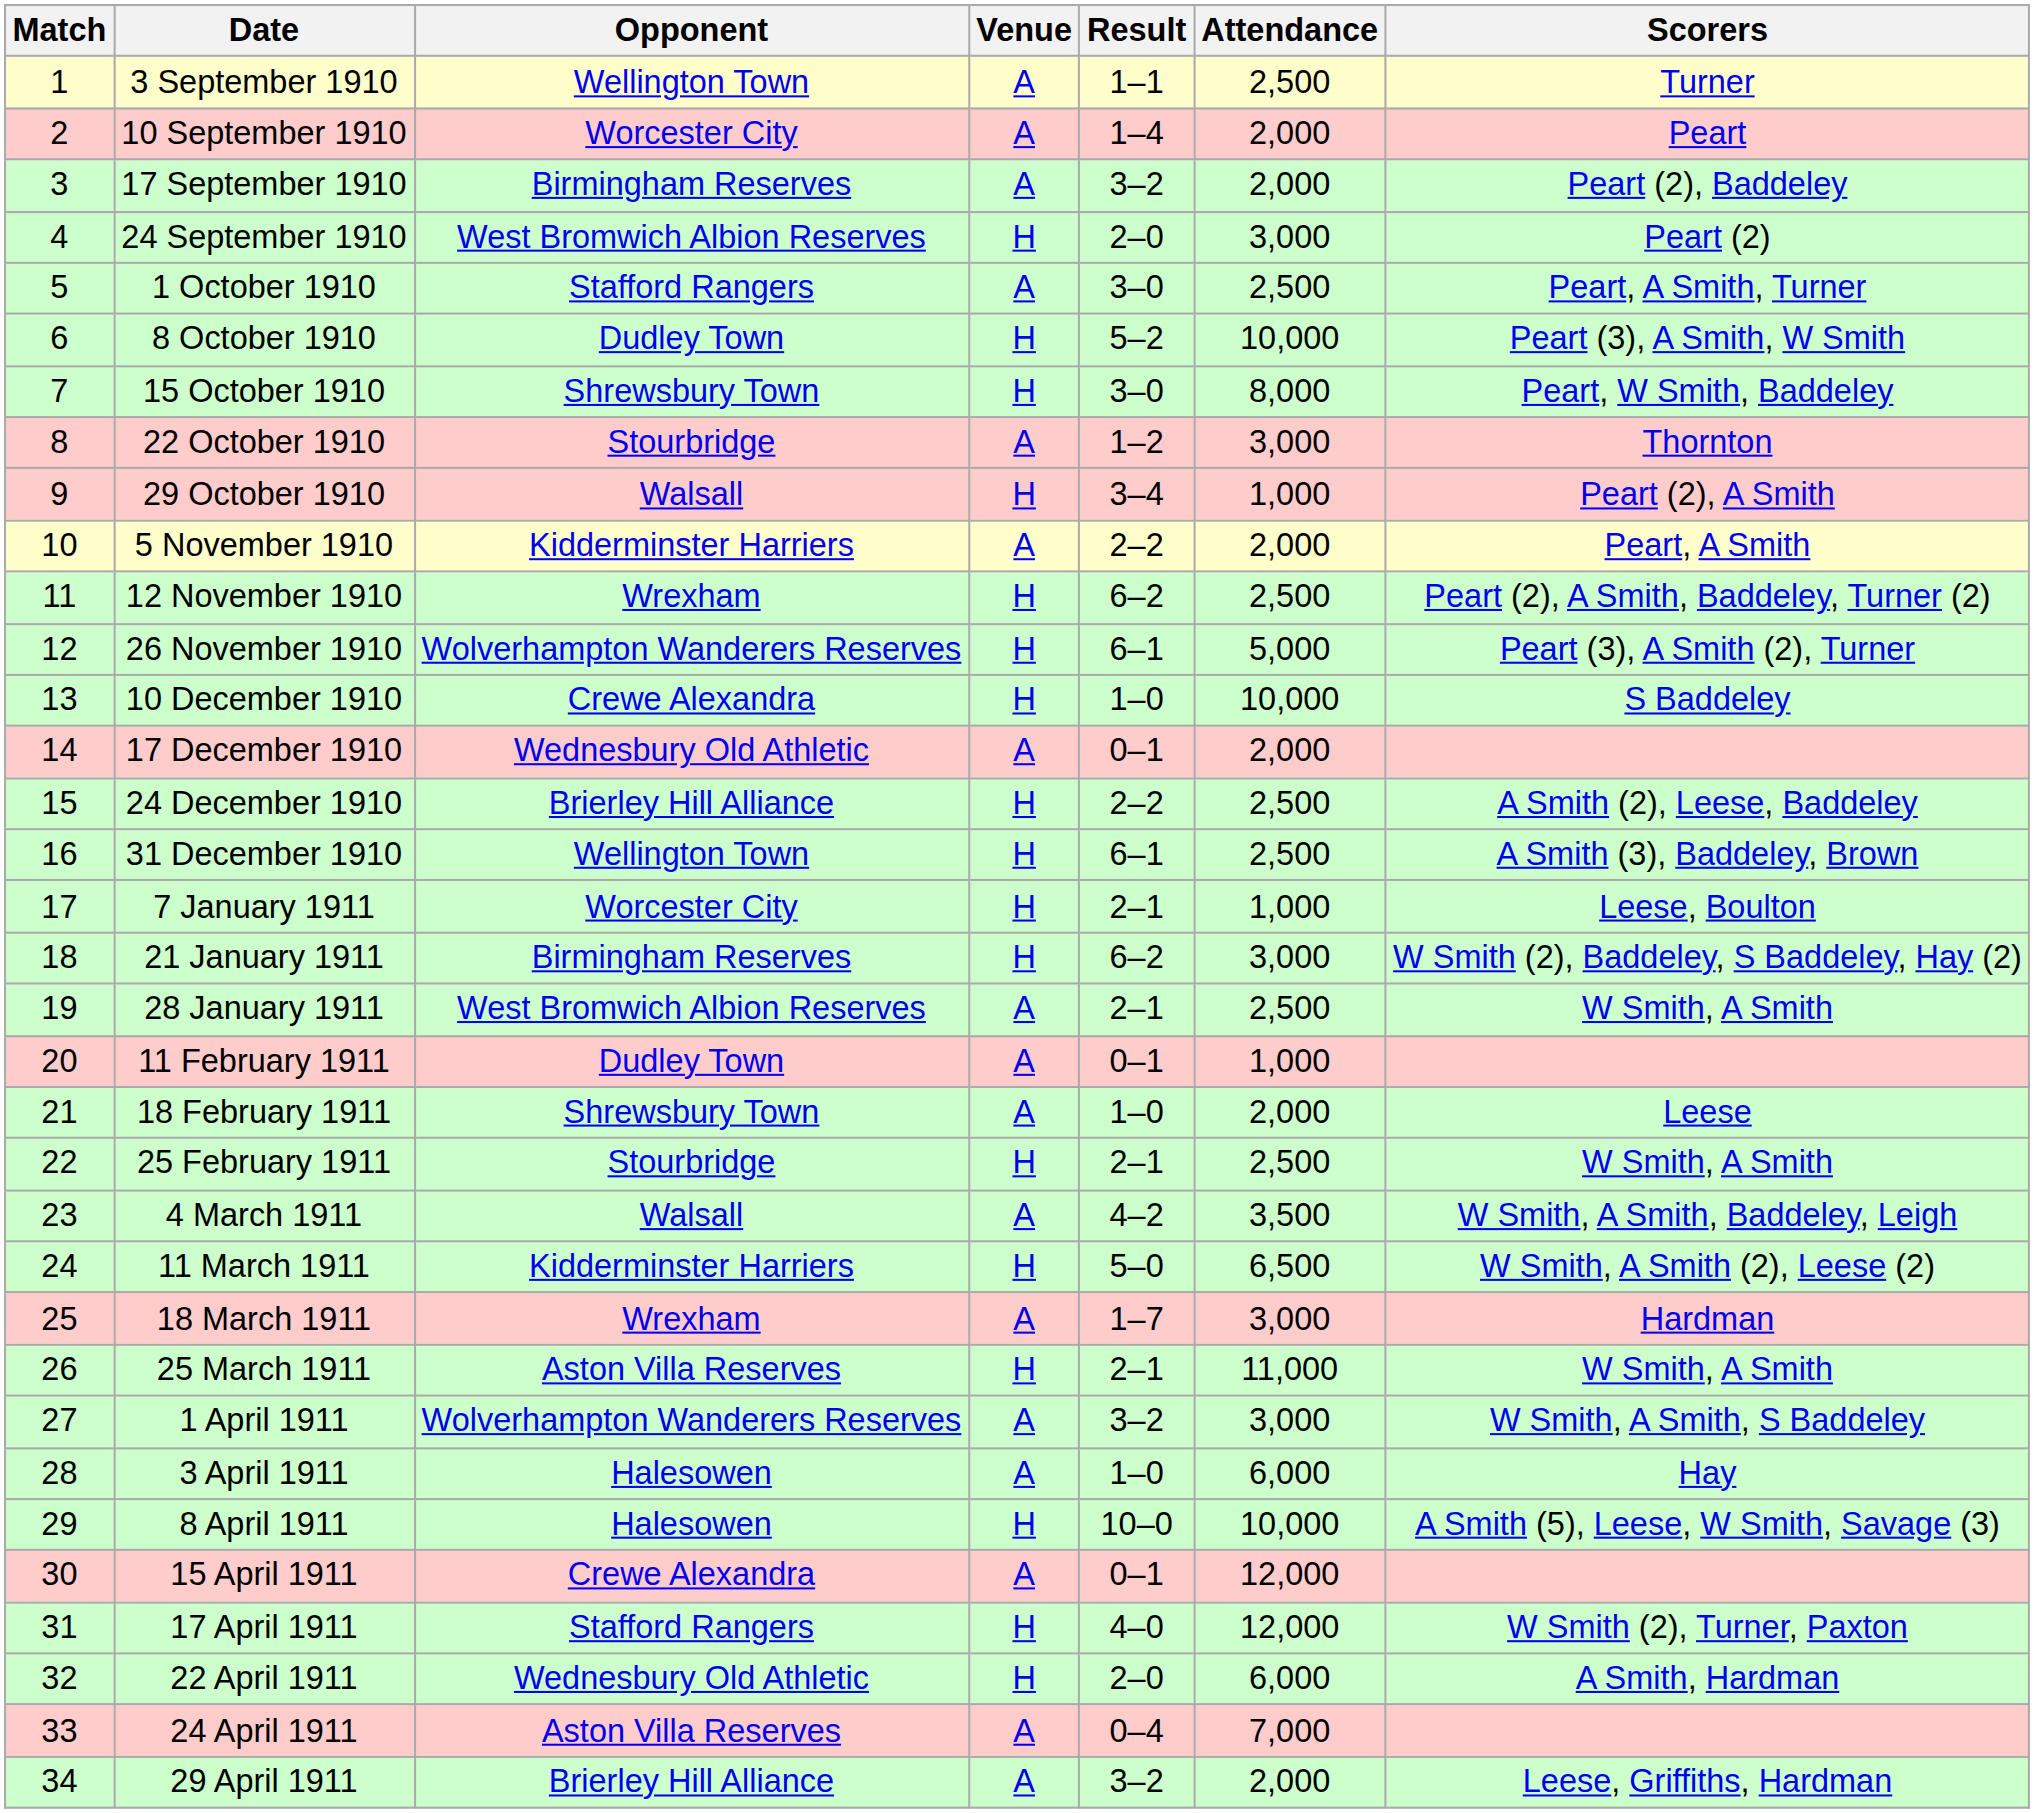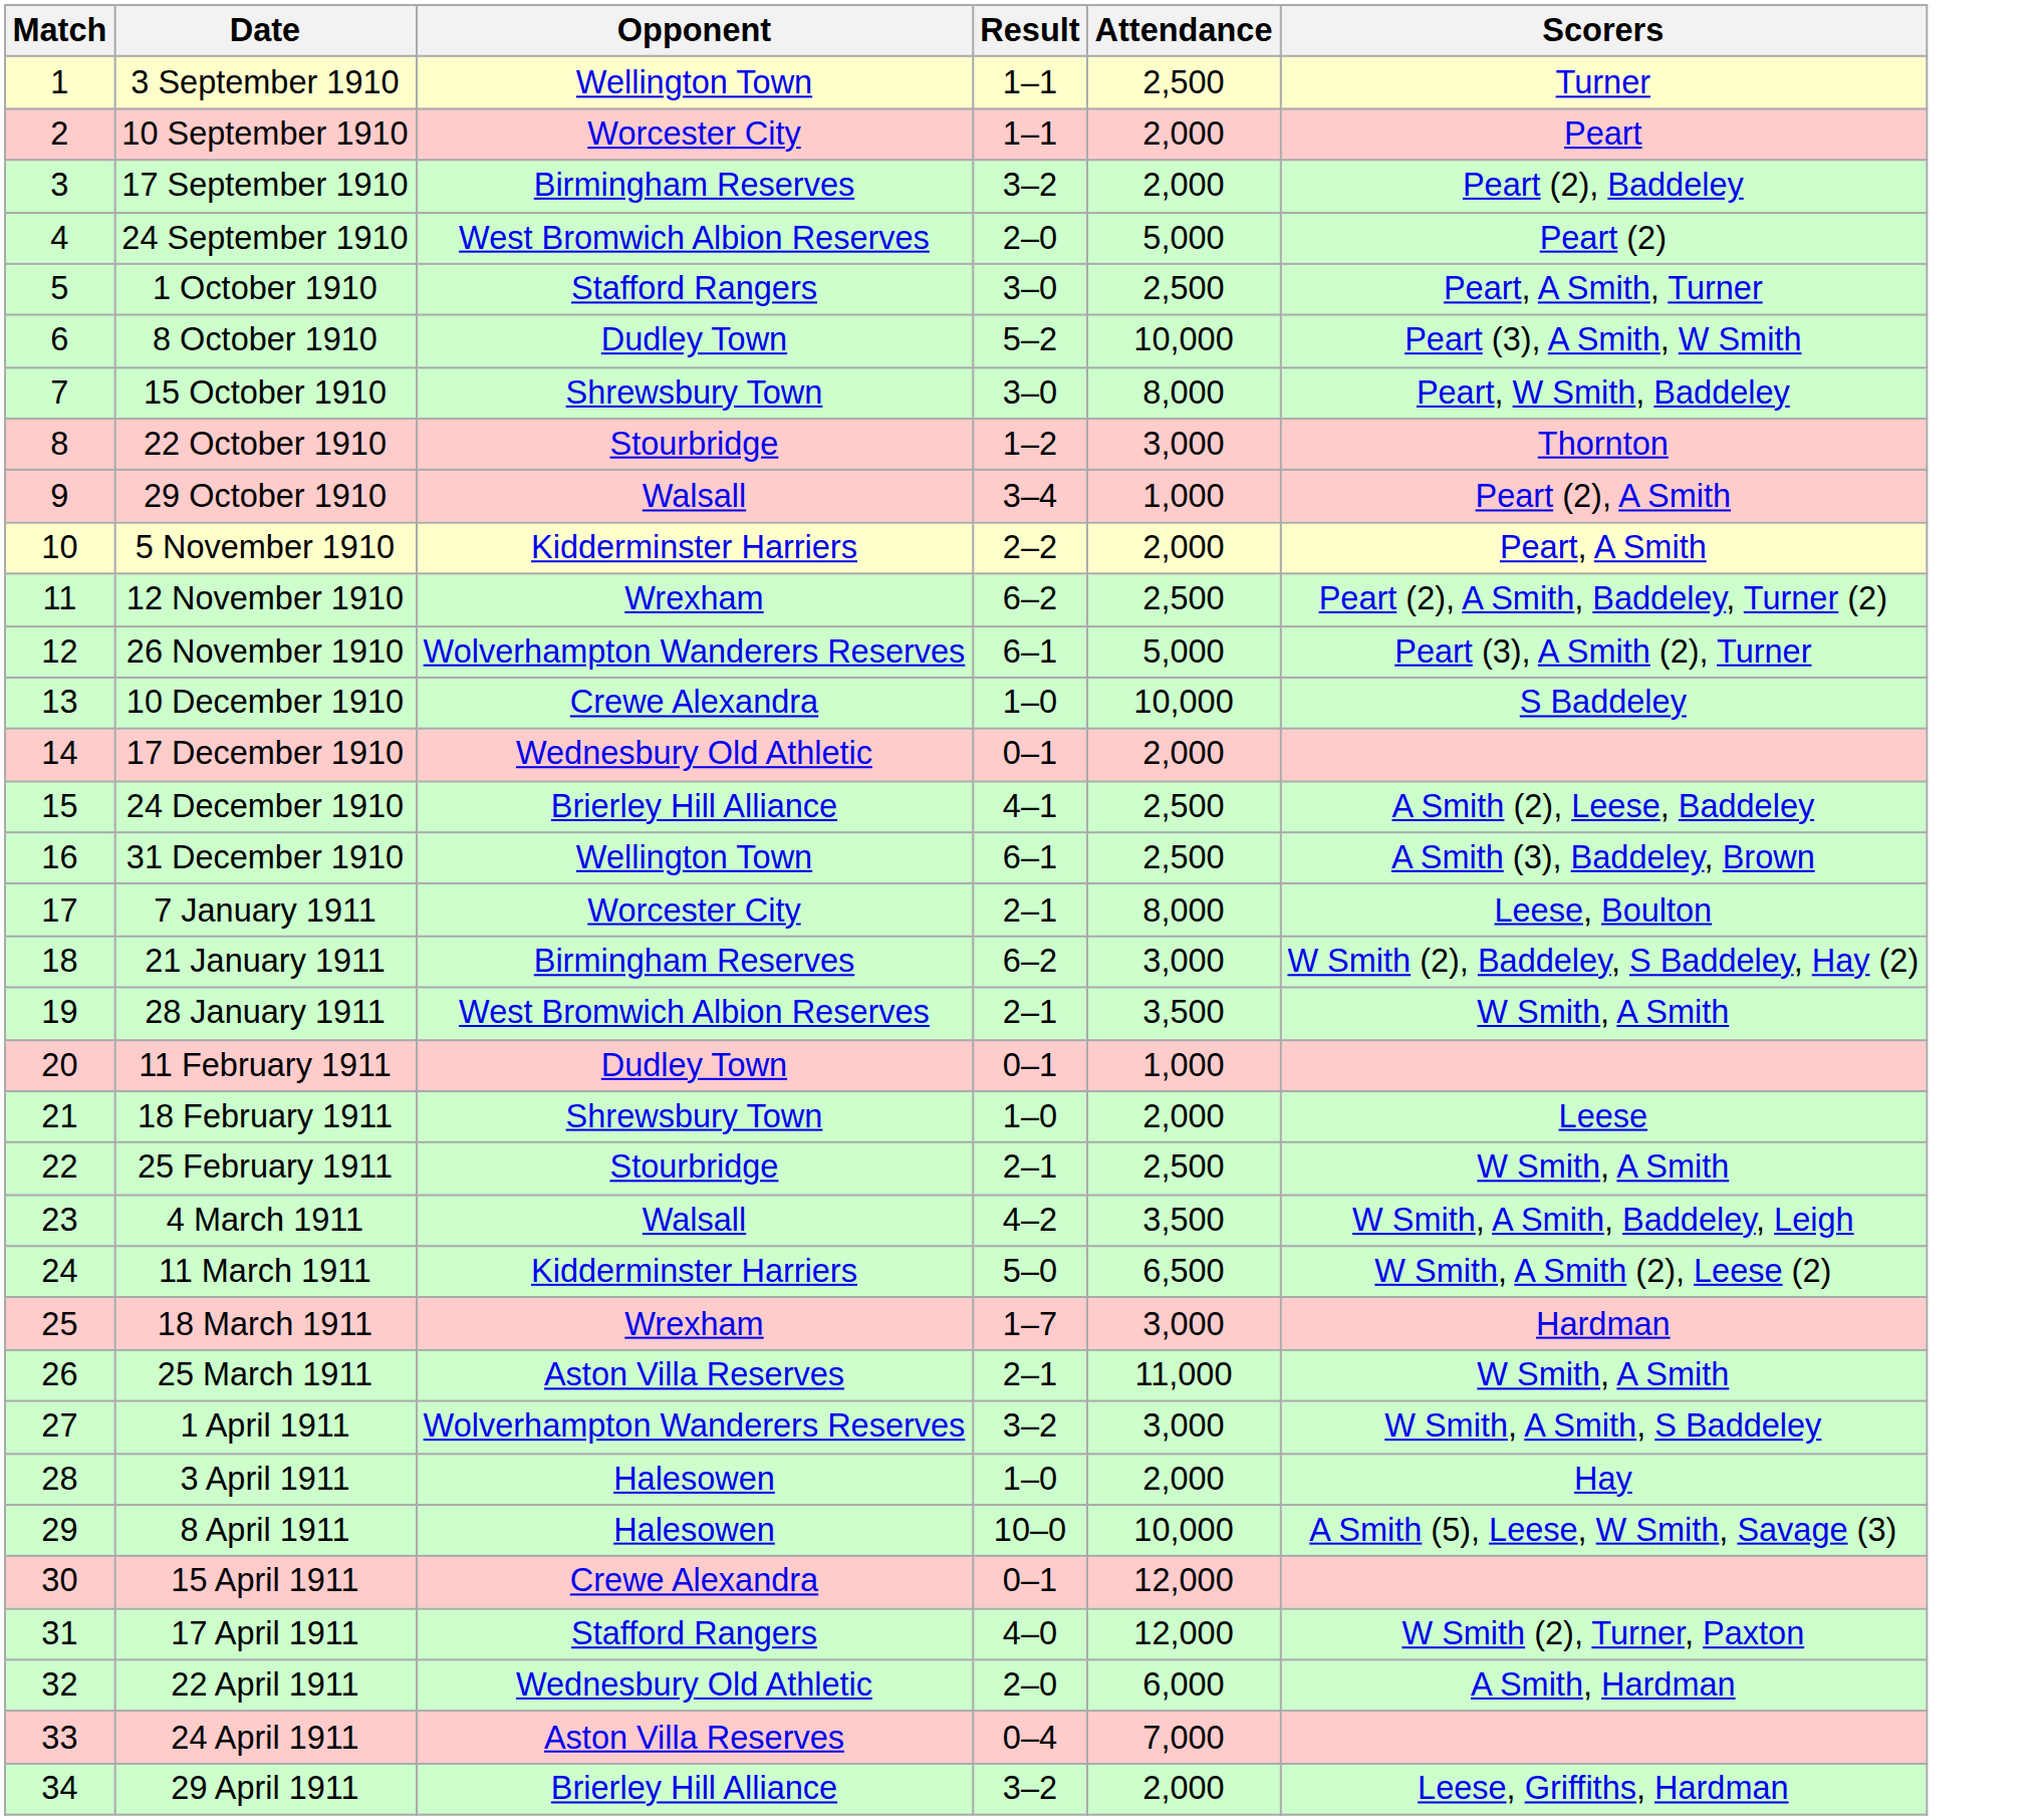 <table class="wikitable" style="font-size:100%; text-align:center">
 <tr>
 <th>Match</th>
 <th>Date</th>
 <th>Opponent</th>
-<th>Venue</th>
 <th>Result</th>
 <th>Attendance</th>
 <th>Scorers</th>
 </tr>
 <tr style="background-color: #FFFFCC;">
 <td>1</td>
 <td>3 September 1910</td>
 <td><a href='#'>Wellington Town</a></td>
-<td><a href='#'>A</a></td>
 <td>1–1</td>
 <td>2,500</td>
 <td><a href='#'>Turner</a></td>
 </tr>
 <tr style="background-color: #FFCCCC;">
 <td>2</td>
 <td>10 September 1910</td>
 <td><a href='#'>Worcester City</a></td>
-<td><a href='#'>A</a></td>
-<td>1–4</td>
+<td>1–1</td>
 <td>2,000</td>
 <td><a href='#'>Peart</a></td>
 </tr>
 <tr style="background-color: #CCFFCC;">
 <td>3</td>
 <td>17 September 1910</td>
 <td><a href='#'>Birmingham Reserves</a></td>
-<td><a href='#'>A</a></td>
 <td>3–2</td>
 <td>2,000</td>
 <td><a href='#'>Peart</a> (2), <a href='#'>Baddeley</a></td>
 </tr>
 <tr style="background-color: #CCFFCC;">
 <td>4</td>
 <td>24 September 1910</td>
 <td><a href='#'>West Bromwich Albion Reserves</a></td>
-<td><a href='#'>H</a></td>
 <td>2–0</td>
-<td>3,000</td>
+<td>5,000</td>
 <td><a href='#'>Peart</a> (2)</td>
 </tr>
 <tr style="background-color: #CCFFCC;">
 <td>5</td>
 <td>1 October 1910</td>
 <td><a href='#'>Stafford Rangers</a></td>
-<td><a href='#'>A</a></td>
 <td>3–0</td>
 <td>2,500</td>
 <td><a href='#'>Peart</a>, <a href='#'>A Smith</a>, <a href='#'>Turner</a></td>
 </tr>
 <tr style="background-color: #CCFFCC;">
 <td>6</td>
 <td>8 October 1910</td>
 <td><a href='#'>Dudley Town</a></td>
-<td><a href='#'>H</a></td>
 <td>5–2</td>
 <td>10,000</td>
 <td><a href='#'>Peart</a> (3), <a href='#'>A Smith</a>, <a href='#'>W Smith</a></td>
 </tr>
 <tr style="background-color: #CCFFCC;">
 <td>7</td>
 <td>15 October 1910</td>
 <td><a href='#'>Shrewsbury Town</a></td>
-<td><a href='#'>H</a></td>
 <td>3–0</td>
 <td>8,000</td>
 <td><a href='#'>Peart</a>, <a href='#'>W Smith</a>, <a href='#'>Baddeley</a></td>
 </tr>
 <tr style="background-color: #FFCCCC;">
 <td>8</td>
 <td>22 October 1910</td>
 <td><a href='#'>Stourbridge</a></td>
-<td><a href='#'>A</a></td>
 <td>1–2</td>
 <td>3,000</td>
 <td><a href='#'>Thornton</a></td>
 </tr>
 <tr style="background-color: #FFCCCC;">
 <td>9</td>
 <td>29 October 1910</td>
 <td><a href='#'>Walsall</a></td>
-<td><a href='#'>H</a></td>
 <td>3–4</td>
 <td>1,000</td>
 <td><a href='#'>Peart</a> (2), <a href='#'>A  Smith</a></td>
 </tr>
 <tr style="background-color: #FFFFCC;">
 <td>10</td>
 <td>5 November 1910</td>
 <td><a href='#'>Kidderminster Harriers</a></td>
-<td><a href='#'>A</a></td>
 <td>2–2</td>
 <td>2,000</td>
 <td><a href='#'>Peart</a>, <a href='#'>A Smith</a></td>
 </tr>
 <tr style="background-color: #CCFFCC;">
 <td>11</td>
 <td>12 November 1910</td>
 <td><a href='#'>Wrexham</a></td>
-<td><a href='#'>H</a></td>
 <td>6–2</td>
 <td>2,500</td>
 <td><a href='#'>Peart</a> (2), <a href='#'>A Smith</a>, <a href='#'>Baddeley</a>, <a href='#'>Turner</a> (2)</td>
 </tr>
 <tr style="background-color: #CCFFCC;">
 <td>12</td>
 <td>26 November 1910</td>
 <td><a href='#'>Wolverhampton Wanderers Reserves</a></td>
-<td><a href='#'>H</a></td>
 <td>6–1</td>
 <td>5,000</td>
 <td><a href='#'>Peart</a> (3), <a href='#'>A Smith</a> (2), <a href='#'>Turner</a></td>
 </tr>
 <tr style="background-color: #CCFFCC;">
 <td>13</td>
 <td>10 December 1910</td>
 <td><a href='#'>Crewe Alexandra</a></td>
-<td><a href='#'>H</a></td>
 <td>1–0</td>
 <td>10,000</td>
 <td><a href='#'>S Baddeley</a></td>
 </tr>
 <tr style="background-color: #FFCCCC;">
 <td>14</td>
 <td>17 December 1910</td>
 <td><a href='#'>Wednesbury Old Athletic</a></td>
-<td><a href='#'>A</a></td>
 <td>0–1</td>
 <td>2,000</td>
 <td></td>
 </tr>
 <tr style="background-color: #CCFFCC;">
 <td>15</td>
 <td>24 December 1910</td>
 <td><a href='#'>Brierley Hill Alliance</a></td>
-<td><a href='#'>H</a></td>
-<td>2–2</td>
+<td>4–1</td>
 <td>2,500</td>
 <td><a href='#'>A Smith</a> (2), <a href='#'>Leese</a>, <a href='#'>Baddeley</a></td>
 </tr>
 <tr style="background-color: #CCFFCC;">
 <td>16</td>
 <td>31 December 1910</td>
 <td><a href='#'>Wellington Town</a></td>
-<td><a href='#'>H</a></td>
 <td>6–1</td>
 <td>2,500</td>
 <td><a href='#'>A Smith</a> (3), <a href='#'>Baddeley</a>, <a href='#'>Brown</a></td>
 </tr>
 <tr style="background-color: #CCFFCC;">
 <td>17</td>
 <td>7 January 1911</td>
 <td><a href='#'>Worcester City</a></td>
-<td><a href='#'>H</a></td>
 <td>2–1</td>
-<td>1,000</td>
+<td>8,000</td>
 <td><a href='#'>Leese</a>, <a href='#'>Boulton</a></td>
 </tr>
 <tr style="background-color: #CCFFCC;">
 <td>18</td>
 <td>21 January 1911</td>
 <td><a href='#'>Birmingham Reserves</a></td>
-<td><a href='#'>H</a></td>
 <td>6–2</td>
 <td>3,000</td>
 <td><a href='#'>W Smith</a> (2), <a href='#'>Baddeley</a>, <a href='#'>S Baddeley</a>, <a href='#'>Hay</a> (2)</td>
 </tr>
 <tr style="background-color: #CCFFCC;">
 <td>19</td>
 <td>28 January 1911</td>
 <td><a href='#'>West Bromwich Albion Reserves</a></td>
-<td><a href='#'>A</a></td>
 <td>2–1</td>
-<td>2,500</td>
+<td>3,500</td>
 <td><a href='#'>W Smith</a>, <a href='#'>A Smith</a></td>
 </tr>
 <tr style="background-color: #FFCCCC;">
 <td>20</td>
 <td>11 February 1911</td>
 <td><a href='#'>Dudley Town</a></td>
-<td><a href='#'>A</a></td>
 <td>0–1</td>
 <td>1,000</td>
 <td></td>
 </tr>
 <tr style="background-color: #CCFFCC;">
 <td>21</td>
 <td>18 February 1911</td>
 <td><a href='#'>Shrewsbury Town</a></td>
-<td><a href='#'>A</a></td>
 <td>1–0</td>
 <td>2,000</td>
 <td><a href='#'>Leese</a></td>
 </tr>
 <tr style="background-color: #CCFFCC;">
 <td>22</td>
 <td>25 February 1911</td>
 <td><a href='#'>Stourbridge</a></td>
-<td><a href='#'>H</a></td>
 <td>2–1</td>
 <td>2,500</td>
 <td><a href='#'>W Smith</a>, <a href='#'>A Smith</a></td>
 </tr>
 <tr style="background-color: #CCFFCC;">
 <td>23</td>
 <td>4 March 1911</td>
 <td><a href='#'>Walsall</a></td>
-<td><a href='#'>A</a></td>
 <td>4–2</td>
 <td>3,500</td>
 <td><a href='#'>W Smith</a>, <a href='#'>A Smith</a>, <a href='#'>Baddeley</a>, <a href='#'>Leigh</a></td>
 </tr>
 <tr style="background-color: #CCFFCC;">
 <td>24</td>
 <td>11 March 1911</td>
 <td><a href='#'>Kidderminster Harriers</a></td>
-<td><a href='#'>H</a></td>
 <td>5–0</td>
 <td>6,500</td>
 <td><a href='#'>W Smith</a>, <a href='#'>A Smith</a> (2), <a href='#'>Leese</a> (2)</td>
 </tr>
 <tr style="background-color: #FFCCCC;">
 <td>25</td>
 <td>18 March 1911</td>
 <td><a href='#'>Wrexham</a></td>
-<td><a href='#'>A</a></td>
 <td>1–7</td>
 <td>3,000</td>
 <td><a href='#'>Hardman</a></td>
 </tr>
 <tr style="background-color: #CCFFCC;">
 <td>26</td>
 <td>25 March 1911</td>
 <td><a href='#'>Aston Villa Reserves</a></td>
-<td><a href='#'>H</a></td>
 <td>2–1</td>
 <td>11,000</td>
 <td><a href='#'>W Smith</a>, <a href='#'>A Smith</a></td>
 </tr>
 <tr style="background-color: #CCFFCC;">
 <td>27</td>
 <td>1 April 1911</td>
 <td><a href='#'>Wolverhampton Wanderers Reserves</a></td>
-<td><a href='#'>A</a></td>
 <td>3–2</td>
 <td>3,000</td>
 <td><a href='#'>W Smith</a>, <a href='#'>A Smith</a>, <a href='#'>S Baddeley</a></td>
 </tr>
 <tr style="background-color: #CCFFCC;">
 <td>28</td>
 <td>3 April 1911</td>
 <td><a href='#'>Halesowen</a></td>
-<td><a href='#'>A</a></td>
 <td>1–0</td>
-<td>6,000</td>
+<td>2,000</td>
 <td><a href='#'>Hay</a></td>
 </tr>
 <tr style="background-color: #CCFFCC;">
 <td>29</td>
 <td>8 April 1911</td>
 <td><a href='#'>Halesowen</a></td>
-<td><a href='#'>H</a></td>
 <td>10–0</td>
 <td>10,000</td>
 <td><a href='#'>A Smith</a> (5), <a href='#'>Leese</a>, <a href='#'>W Smith</a>, <a href='#'>Savage</a> (3)</td>
 </tr>
 <tr style="background-color: #FFCCCC;">
 <td>30</td>
 <td>15 April 1911</td>
 <td><a href='#'>Crewe Alexandra</a></td>
-<td><a href='#'>A</a></td>
 <td>0–1</td>
 <td>12,000</td>
 <td></td>
 </tr>
 <tr style="background-color: #CCFFCC;">
 <td>31</td>
 <td>17 April 1911</td>
 <td><a href='#'>Stafford Rangers</a></td>
-<td><a href='#'>H</a></td>
 <td>4–0</td>
 <td>12,000</td>
 <td><a href='#'>W Smith</a> (2), <a href='#'>Turner</a>, <a href='#'>Paxton</a></td>
 </tr>
 <tr style="background-color: #CCFFCC;">
 <td>32</td>
 <td>22 April 1911</td>
 <td><a href='#'>Wednesbury Old Athletic</a></td>
-<td><a href='#'>H</a></td>
 <td>2–0</td>
 <td>6,000</td>
 <td><a href='#'>A Smith</a>, <a href='#'>Hardman</a></td>
 </tr>
 <tr style="background-color: #FFCCCC;">
 <td>33</td>
 <td>24 April 1911</td>
 <td><a href='#'>Aston Villa Reserves</a></td>
-<td><a href='#'>A</a></td>
 <td>0–4</td>
 <td>7,000</td>
 <td></td>
 </tr>
 <tr style="background-color: #CCFFCC;">
 <td>34</td>
 <td>29 April 1911</td>
 <td><a href='#'>Brierley Hill Alliance</a></td>
-<td><a href='#'>A</a></td>
 <td>3–2</td>
 <td>2,000</td>
 <td><a href='#'>Leese</a>, <a href='#'>Griffiths</a>, <a href='#'>Hardman</a></td>
 </tr>
 </table>
